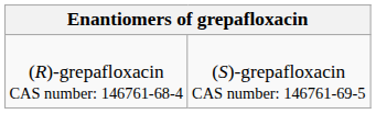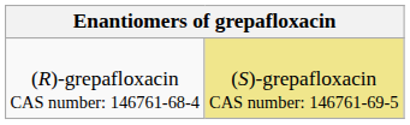 <table class="wikitable" style="text-align:center">
 <tr class="hintergrundfarbe6">
 <th colspan="2">Enantiomers of grepafloxacin</th>
 </tr>
 <tr>
 <td><br>(<em>R</em>)-grepafloxacin<br><small> CAS number: 146761-68-4</small></td>
-<td><br>(<em>S</em>)-grepafloxacin<br><small> CAS number: 146761-69-5</small></td>
+<td style="background: khaki;"><br>(<em>S</em>)-grepafloxacin<br><small> CAS number: 146761-69-5</small></td>
 </tr>
 </table>
